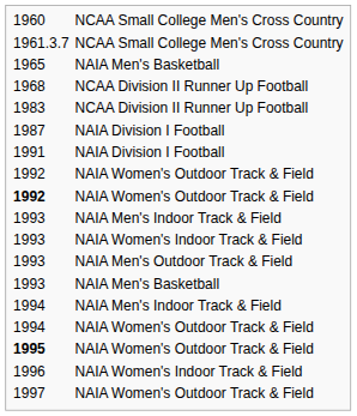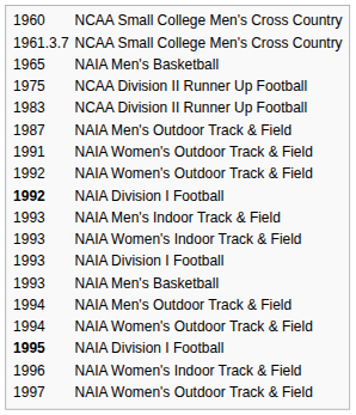 <table class="infobox" cellpadding="2" cellspacing="2" style="font-size: 90%;">
 <tr>
 <td>1960</td>
 <td>NCAA Small College Men's Cross Country</td>
 </tr>
 <tr>
 <td>1961.3.7</td>
 <td>NCAA Small College Men's Cross Country</td>
 </tr>
 <tr>
 <td>1965</td>
 <td>NAIA Men's Basketball</td>
 </tr>
 <tr>
-<td>1968</td>
+<td>1975</td>
 <td>NCAA Division II Runner Up Football</td>
 </tr>
 <tr>
 <td>1983</td>
 <td>NCAA Division II Runner Up Football</td>
 </tr>
 <tr>
 <td>1987</td>
-<td>NAIA Division I Football</td>
+<td>NAIA Men's Outdoor Track & Field</td>
 </tr>
 <tr>
 <td>1991</td>
-<td>NAIA Division I Football</td>
+<td>NAIA Women's Outdoor Track & Field</td>
 </tr>
 <tr>
 <td>1992</td>
 <td>NAIA Women's Outdoor Track & Field</td>
 </tr>
 <tr>
 <td><strong>1992</strong></td>
-<td>NAIA Women's Outdoor Track & Field</td>
+<td>NAIA Division I Football</td>
 </tr>
 <tr>
 <td>1993</td>
 <td>NAIA Men's Indoor Track & Field</td>
 </tr>
 <tr>
 <td>1993</td>
 <td>NAIA Women's Indoor Track & Field</td>
 </tr>
 <tr>
 <td>1993</td>
-<td>NAIA Men's Outdoor Track & Field</td>
+<td>NAIA Division I Football</td>
 </tr>
 <tr>
 <td>1993</td>
 <td>NAIA Men's Basketball</td>
 </tr>
 <tr>
 <td>1994</td>
-<td>NAIA Men's Indoor Track & Field</td>
+<td>NAIA Men's Outdoor Track & Field</td>
 </tr>
 <tr>
 <td>1994</td>
 <td>NAIA Women's Outdoor Track & Field</td>
 </tr>
 <tr>
 <td><strong>1995</strong></td>
-<td>NAIA Women's Outdoor Track & Field</td>
+<td>NAIA Division I Football</td>
 </tr>
 <tr>
 <td>1996</td>
 <td>NAIA Women's Indoor Track & Field</td>
 </tr>
 <tr>
 <td>1997</td>
 <td>NAIA Women's Outdoor Track & Field</td>
 </tr>
 <tr>
 </tr>
 </table>
